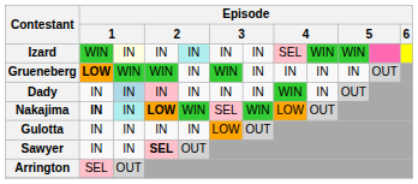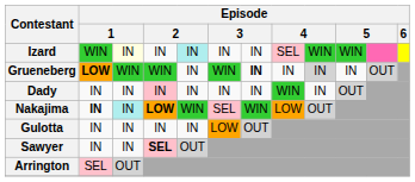 <table class="wikitable" style="text-align: center;">
 <tr>
 <th rowspan="2">Contestant</th>
 <th colspan="30">Episode</th>
 </tr>
 <tr>
 <th colspan="2">1</th>
 <th colspan="2">2</th>
 <th colspan="2">3</th>
 <th colspan="2">4</th>
 <th colspan="2">5</th>
 <th>6</th>
 </tr>
 <tr>
 <th>Izard</th>
 <td style="background:limegreen;">WIN</td>
 <td style="background: lightyellow;">IN</td>
 <td>IN</td>
 <td style="background: paleturquoise;">IN</td>
 <td>IN</td>
 <td>IN</td>
 <td style="background:pink;">SEL</td>
 <td style="background:limegreen;">WIN</td>
 <td style="background:limegreen;">WIN</td>
 <td style="background:hotpink;"></td>
 <td style="background:yellow;"></td>
 </tr>
 <tr>
 <th>Grueneberg</th>
 <td style="background:orange;"><strong>LOW</strong></td>
 <td style="background:limegreen;">WIN</td>
 <td style="background:limegreen;">WIN</td>
 <td>IN</td>
 <td style="background:limegreen;">WIN</td>
+<td><strong>IN</strong></td>
 <td>IN</td>
-<td>IN</td>
-<td>IN</td>
+<td style="background: lightgrey;">IN</td>
 <td>IN</td>
 <td style="background:lightgrey;">OUT</td>
 <td style="background:darkgrey;" colspan="1"></td>
 </tr>
 <tr>
 <th>Dady</th>
 <td>IN</td>
-<td style="background: lightblue;">IN</td>
+<td>IN</td>
 <td style="background: pink;">IN</td>
 <td>IN</td>
 <td>IN</td>
 <td>IN</td>
 <td style="background:limegreen;">WIN</td>
 <td>IN</td>
 <td style="background:lightgrey;">OUT</td>
 <td style="background:darkgrey;" colspan="2"></td>
 </tr>
 <tr>
 <th>Nakajima</th>
 <td><strong>IN</strong></td>
 <td style="background: paleturquoise;">IN</td>
 <td style="background:orange;"><strong>LOW</strong></td>
 <td style="background:limegreen;">WIN</td>
 <td style="background:pink;">SEL</td>
 <td style="background:limegreen;">WIN</td>
 <td style="background:orange;">LOW</td>
 <td style="background:lightgrey;">OUT</td>
 <td style="background:darkgrey;" colspan="3"></td>
 </tr>
 <tr>
 <th>Gulotta</th>
 <td>IN</td>
 <td>IN</td>
 <td>IN</td>
 <td>IN</td>
 <td style="background:orange;">LOW</td>
 <td style="background:lightgrey;">OUT</td>
 <td style="background:darkgrey;" colspan="5"></td>
 </tr>
 <tr>
 <th>Sawyer</th>
 <td>IN</td>
 <td>IN</td>
 <td style="background:pink;"><strong>SEL</strong></td>
 <td style="background:lightgrey;">OUT</td>
 <td style="background:darkgrey;" colspan="7"></td>
 </tr>
 <tr>
 <th>Arrington</th>
 <td style="background:pink;">SEL</td>
 <td style="background:lightgrey;">OUT</td>
 <td style="background:darkgrey;" colspan="9"></td>
 </tr>
 <tr>
 </tr>
 </table>
